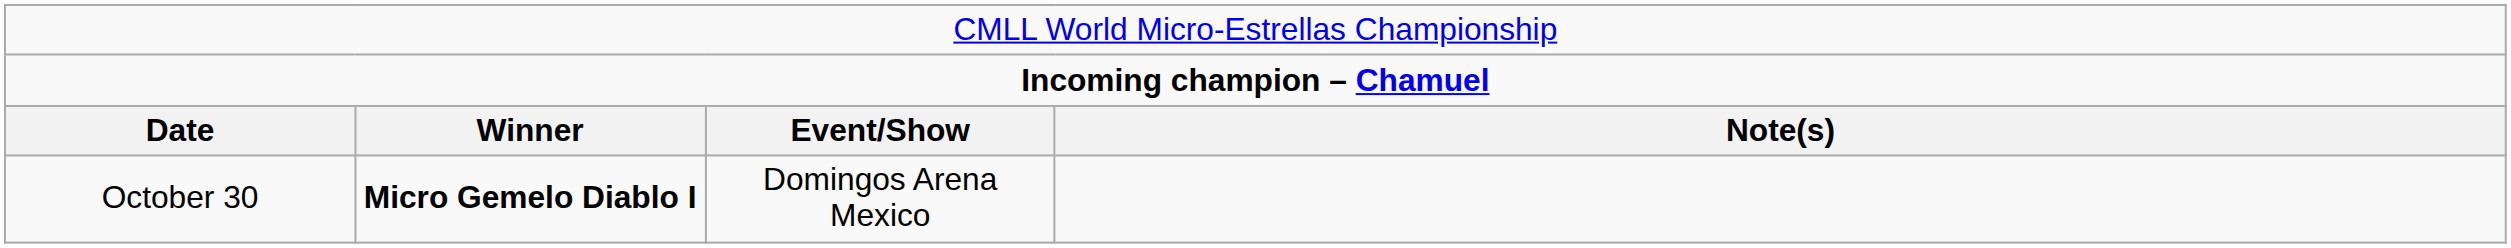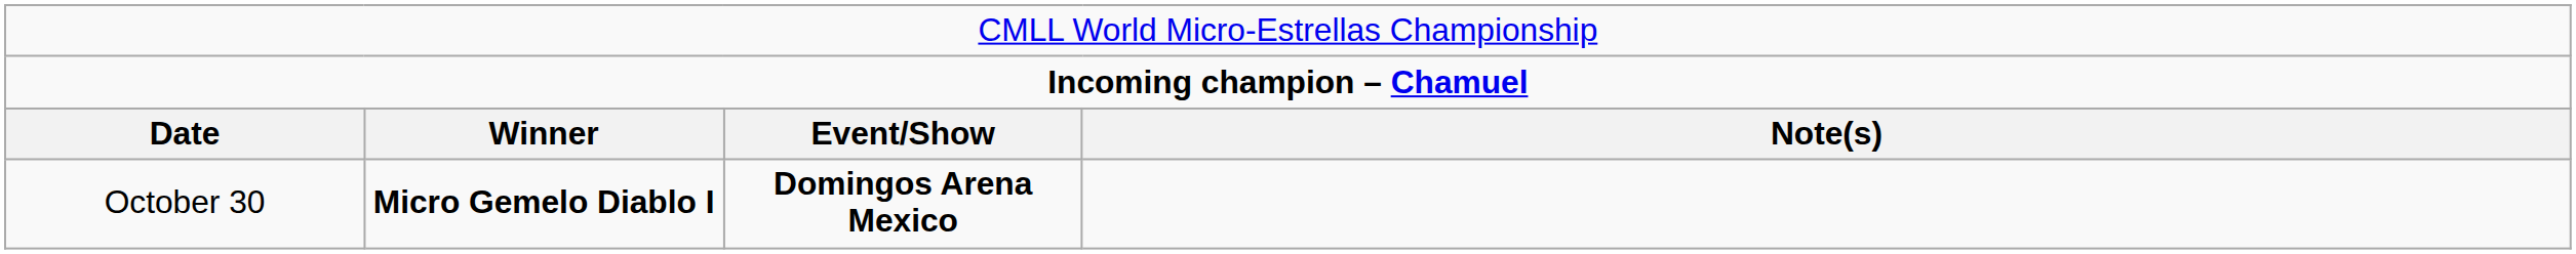 <table class="wikitable" style="text-align:center; width:100%;">
 <tr>
 <td colspan="4" style="text-align: center;"><a href='#'>CMLL World Micro-Estrellas Championship</a></td>
 </tr>
 <tr>
 <td colspan="4" style="text-align: center;"><strong>Incoming champion – <a href='#'>Chamuel</a></strong></td>
 </tr>
 <tr>
 <th width=14%>Date</th>
 <th width=14%>Winner</th>
 <th width=14%>Event/Show</th>
 <th width=58%>Note(s)</th>
 </tr>
 <tr>
 <td>October 30</td>
 <td><strong>Micro Gemelo Diablo I</strong></td>
-<td>Domingos Arena Mexico</td>
+<td><strong>Domingos Arena Mexico</strong></td>
 <td></td>
 </tr>
 </table>
